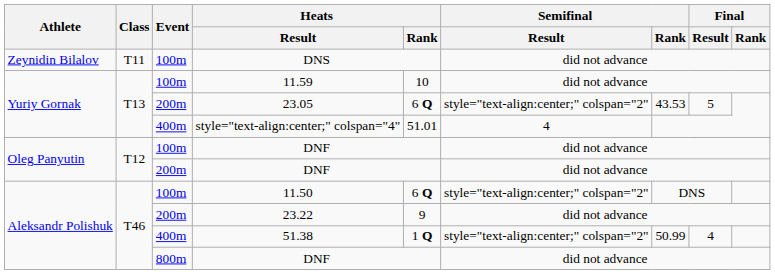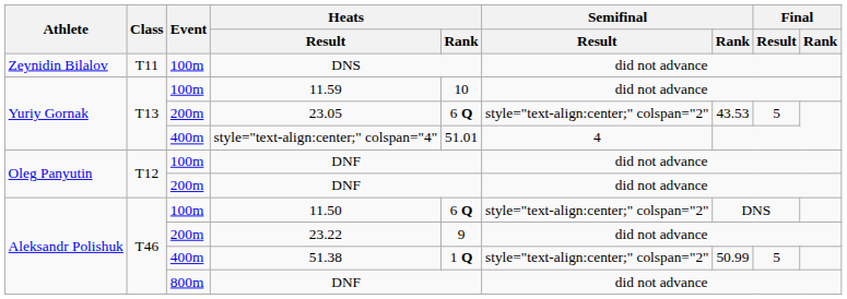 <table class=wikitable style="font-size:90%">
 <tr>
 <th rowspan="2">Athlete</th>
 <th rowspan="2">Class</th>
 <th rowspan="2">Event</th>
 <th colspan="2">Heats</th>
 <th colspan="2">Semifinal</th>
 <th colspan="2">Final</th>
 </tr>
 <tr>
 <th>Result</th>
 <th>Rank</th>
 <th>Result</th>
 <th>Rank</th>
 <th>Result</th>
 <th>Rank</th>
 </tr>
 <tr>
 <td><a href='#'>Zeynidin Bilalov</a></td>
 <td style="text-align:center;">T11</td>
 <td><a href='#'>100m</a></td>
 <td style="text-align:center;" colspan="2">DNS</td>
 <td style="text-align:center;" colspan="4">did not advance</td>
 </tr>
 <tr>
 <td rowspan="3"><a href='#'>Yuriy Gornak</a></td>
 <td rowspan="3" style="text-align:center;">T13</td>
 <td><a href='#'>100m</a></td>
 <td style="text-align:center;">11.59</td>
 <td style="text-align:center;">10</td>
 <td style="text-align:center;" colspan="4">did not advance</td>
 </tr>
 <tr>
 <td><a href='#'>200m</a></td>
 <td style="text-align:center;">23.05</td>
 <td style="text-align:center;">6 <strong>Q</strong></td>
 <td>style="text-align:center;" colspan="2" </td>
 <td style="text-align:center;">43.53</td>
 <td style="text-align:center;">5</td>
 </tr>
 <tr>
 <td><a href='#'>400m</a></td>
 <td>style="text-align:center;" colspan="4" </td>
 <td style="text-align:center;">51.01</td>
 <td style="text-align:center;">4</td>
 </tr>
 <tr>
 <td rowspan="2"><a href='#'>Oleg Panyutin</a></td>
 <td rowspan="2" style="text-align:center;">T12</td>
 <td><a href='#'>100m</a></td>
 <td style="text-align:center;" colspan="2">DNF</td>
 <td style="text-align:center;" colspan="4">did not advance</td>
 </tr>
 <tr>
 <td><a href='#'>200m</a></td>
 <td style="text-align:center;" colspan="2">DNF</td>
 <td style="text-align:center;" colspan="4">did not advance</td>
 </tr>
 <tr>
 <td rowspan="4"><a href='#'>Aleksandr Polishuk</a></td>
 <td rowspan="4" style="text-align:center;">T46</td>
 <td><a href='#'>100m</a></td>
 <td style="text-align:center;">11.50</td>
 <td style="text-align:center;">6 <strong>Q</strong></td>
 <td>style="text-align:center;" colspan="2" </td>
 <td style="text-align:center;" colspan="2">DNS</td>
 </tr>
 <tr>
 <td><a href='#'>200m</a></td>
 <td style="text-align:center;">23.22</td>
 <td style="text-align:center;">9</td>
 <td style="text-align:center;" colspan="4">did not advance</td>
 </tr>
 <tr>
 <td><a href='#'>400m</a></td>
 <td style="text-align:center;">51.38</td>
 <td style="text-align:center;">1 <strong>Q</strong></td>
 <td>style="text-align:center;" colspan="2" </td>
 <td style="text-align:center;">50.99</td>
-<td style="text-align:center;">4</td>
+<td style="text-align:center;">5</td>
 </tr>
 <tr>
 <td><a href='#'>800m</a></td>
 <td style="text-align:center;" colspan="2">DNF</td>
 <td style="text-align:center;" colspan="4">did not advance</td>
 </tr>
 </table>
